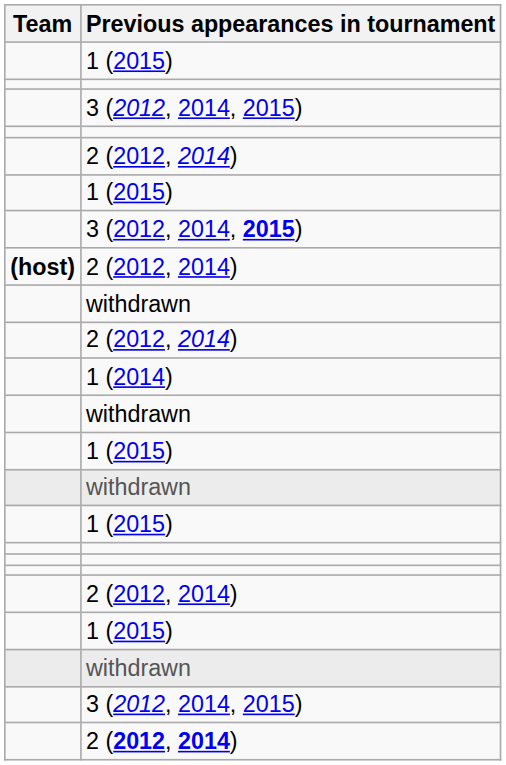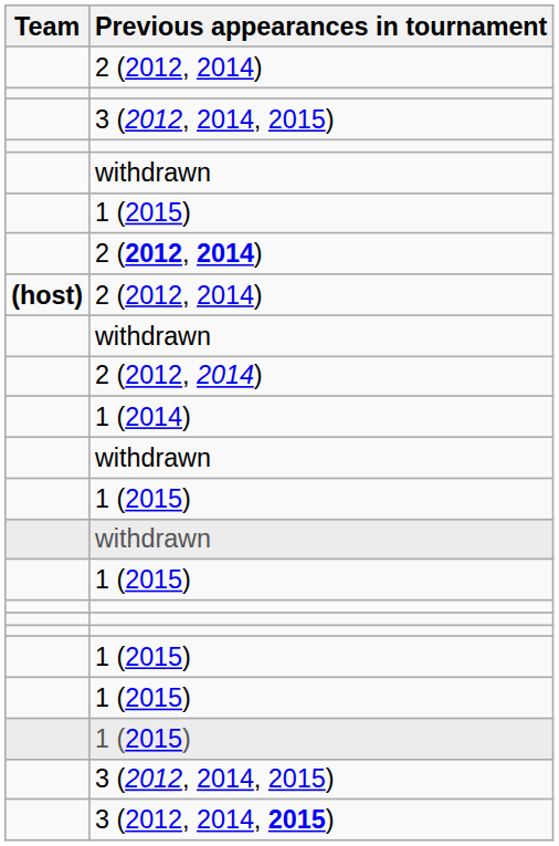 <table class="wikitable" style="font-size: 90%;">
 <tr>
 <th>Team</th>
 <th>Previous appearances in tournament</th>
 </tr>
 <tr>
 <td></td>
-<td>1 (<a href='#'>2015</a>)</td>
+<td>2 (<a href='#'>2012</a>, <a href='#'>2014</a>)</td>
 </tr>
 <tr>
 <td></td>
 <td></td>
 </tr>
 <tr>
 <td></td>
 <td>3 (<em><a href='#'>2012</a></em>, <a href='#'>2014</a>, <a href='#'>2015</a>)</td>
 </tr>
 <tr>
 <td></td>
 <td></td>
 </tr>
 <tr>
 <td></td>
-<td>2 (<a href='#'>2012</a>, <em><a href='#'>2014</a></em>)</td>
+<td>withdrawn</td>
 </tr>
 <tr>
 <td></td>
 <td>1 (<a href='#'>2015</a>)</td>
 </tr>
 <tr>
 <td></td>
-<td>3 (<a href='#'>2012</a>, <a href='#'>2014</a>, <strong><a href='#'>2015</a></strong>)</td>
+<td>2 (<strong><a href='#'>2012</a></strong>, <strong><a href='#'>2014</a></strong>)</td>
 </tr>
 <tr>
 <td><strong> (host)</strong></td>
 <td>2 (<a href='#'>2012</a>, <a href='#'>2014</a>)</td>
 </tr>
 <tr>
 <td></td>
 <td>withdrawn</td>
 </tr>
 <tr>
 <td></td>
 <td>2 (<a href='#'>2012</a>, <em><a href='#'>2014</a></em>)</td>
 </tr>
 <tr>
 <td></td>
 <td>1 (<a href='#'>2014</a>)</td>
 </tr>
 <tr>
 <td></td>
 <td>withdrawn</td>
 </tr>
 <tr>
 <td></td>
 <td>1 (<a href='#'>2015</a>)</td>
 </tr>
 <tr style="background:#ececec;color:#555;">
 <td></td>
 <td>withdrawn</td>
 </tr>
 <tr>
 <td></td>
 <td>1 (<a href='#'>2015</a>)</td>
 </tr>
 <tr>
 <td></td>
 <td></td>
 </tr>
 <tr>
 <td></td>
 <td></td>
 </tr>
 <tr>
 <td></td>
 <td></td>
 </tr>
 <tr>
 <td></td>
-<td>2 (<a href='#'>2012</a>, <a href='#'>2014</a>)</td>
+<td>1 (<a href='#'>2015</a>)</td>
 </tr>
 <tr>
 <td></td>
 <td>1 (<a href='#'>2015</a>)</td>
 </tr>
 <tr style="background:#ececec;color:#555;">
 <td></td>
-<td>withdrawn</td>
+<td>1 (<a href='#'>2015</a>)</td>
 </tr>
 <tr>
 <td></td>
 <td>3 (<em><a href='#'>2012</a></em>, <a href='#'>2014</a>, <a href='#'>2015</a>)</td>
 </tr>
 <tr>
 <td></td>
-<td>2 (<strong><a href='#'>2012</a></strong>, <strong><a href='#'>2014</a></strong>)</td>
+<td>3 (<a href='#'>2012</a>, <a href='#'>2014</a>, <strong><a href='#'>2015</a></strong>)</td>
 </tr>
 </table>
